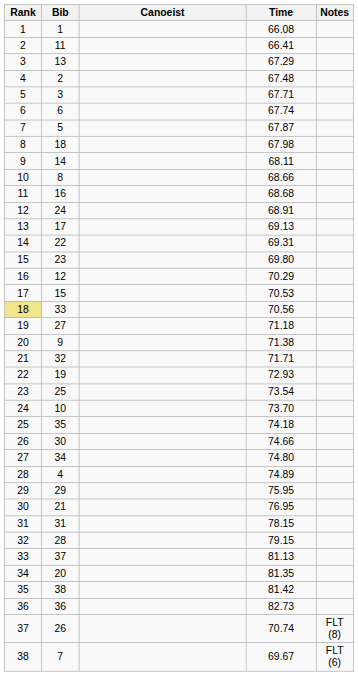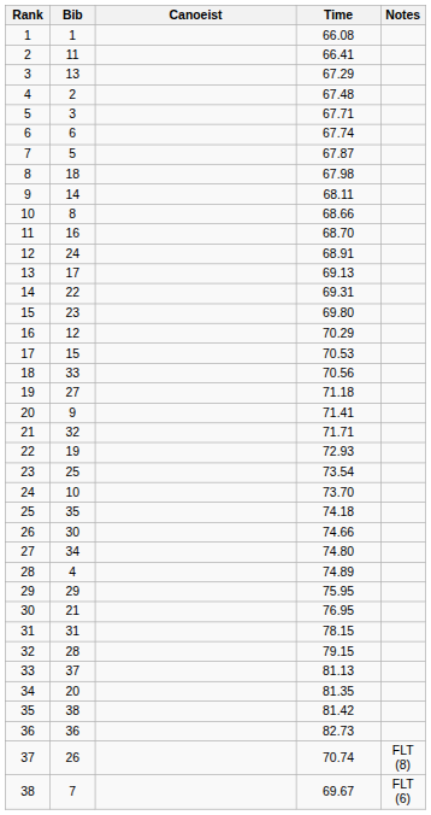 <table class="wikitable" style="text-align:center">
 <tr>
 <th width="50">Rank</th>
 <th width="50">Bib</th>
 <th width="250">Canoeist</th>
 <th width="100">Time</th>
 <th width="50">Notes</th>
 </tr>
 <tr>
 <td>1</td>
 <td>1</td>
 <td align="left"></td>
 <td>66.08</td>
 <td></td>
 </tr>
 <tr>
 <td>2</td>
 <td>11</td>
 <td align="left"></td>
 <td>66.41</td>
 <td></td>
 </tr>
 <tr>
 <td>3</td>
 <td>13</td>
 <td align="left"></td>
 <td>67.29</td>
 <td></td>
 </tr>
 <tr>
 <td>4</td>
 <td>2</td>
 <td align="left"></td>
 <td>67.48</td>
 <td></td>
 </tr>
 <tr>
 <td>5</td>
 <td>3</td>
 <td align="left"></td>
 <td>67.71</td>
 <td></td>
 </tr>
 <tr>
 <td>6</td>
 <td>6</td>
 <td align="left"></td>
 <td>67.74</td>
 <td></td>
 </tr>
 <tr>
 <td>7</td>
 <td>5</td>
 <td align="left"></td>
 <td>67.87</td>
 <td></td>
 </tr>
 <tr>
 <td>8</td>
 <td>18</td>
 <td align="left"></td>
 <td>67.98</td>
 <td></td>
 </tr>
 <tr>
 <td>9</td>
 <td>14</td>
 <td align="left"></td>
 <td>68.11</td>
 <td></td>
 </tr>
 <tr>
 <td>10</td>
 <td>8</td>
 <td align="left"></td>
 <td>68.66</td>
 <td></td>
 </tr>
 <tr>
 <td>11</td>
 <td>16</td>
 <td align="left"></td>
-<td>68.68</td>
+<td>68.70</td>
 <td></td>
 </tr>
 <tr>
 <td>12</td>
 <td>24</td>
 <td align="left"></td>
 <td>68.91</td>
 <td></td>
 </tr>
 <tr>
 <td>13</td>
 <td>17</td>
 <td align="left"></td>
 <td>69.13</td>
 <td></td>
 </tr>
 <tr>
 <td>14</td>
 <td>22</td>
 <td align="left"></td>
 <td>69.31</td>
 <td></td>
 </tr>
 <tr>
 <td>15</td>
 <td>23</td>
 <td align="left"></td>
 <td>69.80</td>
 <td></td>
 </tr>
 <tr>
 <td>16</td>
 <td>12</td>
 <td align="left"></td>
 <td>70.29</td>
 <td></td>
 </tr>
 <tr>
 <td>17</td>
 <td>15</td>
 <td align="left"></td>
 <td>70.53</td>
 <td></td>
 </tr>
 <tr>
-<td style="background: khaki;">18</td>
+<td>18</td>
 <td>33</td>
 <td align="left"></td>
 <td>70.56</td>
 <td></td>
 </tr>
 <tr>
 <td>19</td>
 <td>27</td>
 <td align="left"></td>
 <td>71.18</td>
 <td></td>
 </tr>
 <tr>
 <td>20</td>
 <td>9</td>
 <td align="left"></td>
-<td>71.38</td>
+<td>71.41</td>
 <td></td>
 </tr>
 <tr>
 <td>21</td>
 <td>32</td>
 <td align="left"></td>
 <td>71.71</td>
 <td></td>
 </tr>
 <tr>
 <td>22</td>
 <td>19</td>
 <td align="left"></td>
 <td>72.93</td>
 <td></td>
 </tr>
 <tr>
 <td>23</td>
 <td>25</td>
 <td align="left"></td>
 <td>73.54</td>
 <td></td>
 </tr>
 <tr>
 <td>24</td>
 <td>10</td>
 <td align="left"></td>
 <td>73.70</td>
 <td></td>
 </tr>
 <tr>
 <td>25</td>
 <td>35</td>
 <td align="left"></td>
 <td>74.18</td>
 <td></td>
 </tr>
 <tr>
 <td>26</td>
 <td>30</td>
 <td align="left"></td>
 <td>74.66</td>
 <td></td>
 </tr>
 <tr>
 <td>27</td>
 <td>34</td>
 <td align="left"></td>
 <td>74.80</td>
 <td></td>
 </tr>
 <tr>
 <td>28</td>
 <td>4</td>
 <td align="left"></td>
 <td>74.89</td>
 <td></td>
 </tr>
 <tr>
 <td>29</td>
 <td>29</td>
 <td align="left"></td>
 <td>75.95</td>
 <td></td>
 </tr>
 <tr>
 <td>30</td>
 <td>21</td>
 <td align="left"></td>
 <td>76.95</td>
 <td></td>
 </tr>
 <tr>
 <td>31</td>
 <td>31</td>
 <td align="left"></td>
 <td>78.15</td>
 <td></td>
 </tr>
 <tr>
 <td>32</td>
 <td>28</td>
 <td align="left"></td>
 <td>79.15</td>
 <td></td>
 </tr>
 <tr>
 <td>33</td>
 <td>37</td>
 <td align="left"></td>
 <td>81.13</td>
 <td></td>
 </tr>
 <tr>
 <td>34</td>
 <td>20</td>
 <td align="left"></td>
 <td>81.35</td>
 <td></td>
 </tr>
 <tr>
 <td>35</td>
 <td>38</td>
 <td align="left"></td>
 <td>81.42</td>
 <td></td>
 </tr>
 <tr>
 <td>36</td>
 <td>36</td>
 <td align="left"></td>
 <td>82.73</td>
 <td></td>
 </tr>
 <tr>
 <td>37</td>
 <td>26</td>
 <td align="left"></td>
 <td>70.74</td>
 <td>FLT (8)</td>
 </tr>
 <tr>
 <td>38</td>
 <td>7</td>
 <td align="left"></td>
 <td>69.67</td>
 <td>FLT (6)</td>
 </tr>
 </table>
